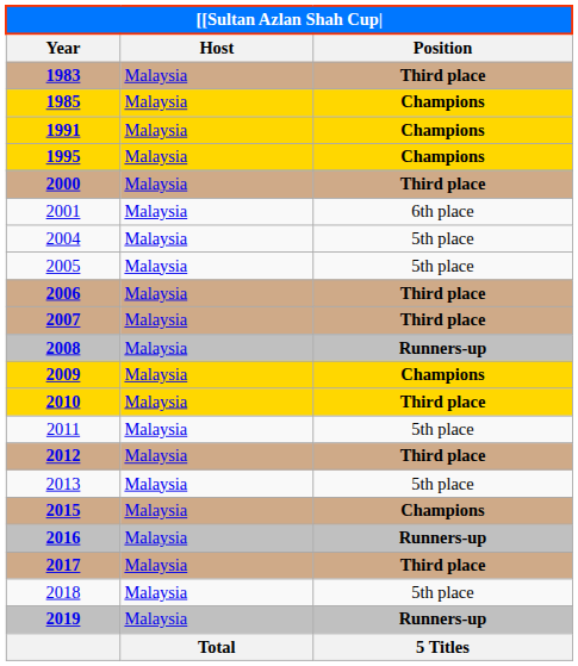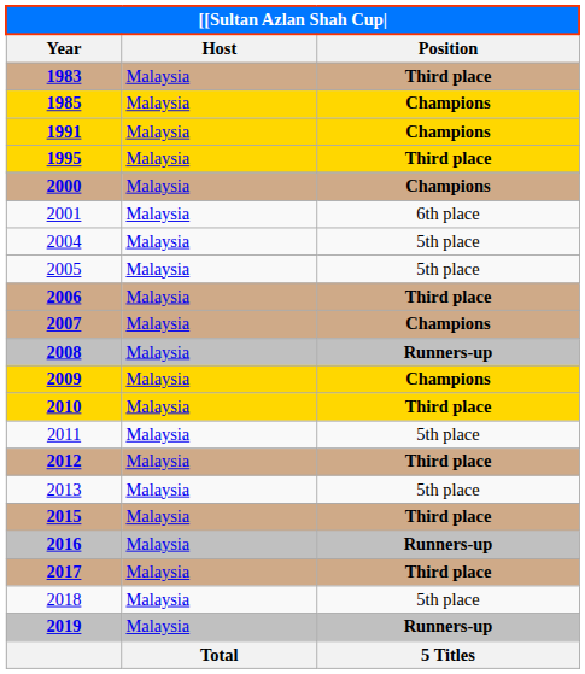 <table class="wikitable" style="text-align: center; width:85%">
 <tr>
 <th colspan=10 style="background: #0077FF;border: 2px solid #ff3300;color: #FFFFFF;">[[Sultan Azlan Shah Cup|</th>
 </tr>
 <tr>
 <th>Year</th>
 <th>Host</th>
 <th>Position</th>
 </tr>
 <tr bgcolor=#CFAA88>
 <td><strong><a href='#'>1983</a></strong></td>
 <td align=left> <a href='#'>Malaysia</a></td>
 <td><strong>Third place</strong></td>
 </tr>
 <tr bgcolor=Gold>
 <td><strong><a href='#'>1985</a></strong></td>
 <td align=left> <a href='#'>Malaysia</a></td>
 <td><strong>Champions</strong></td>
 </tr>
 <tr bgcolor=Gold>
 <td><strong><a href='#'>1991</a></strong></td>
 <td align=left> <a href='#'>Malaysia</a></td>
 <td><strong>Champions</strong></td>
 </tr>
 <tr bgcolor=Gold>
 <td><strong><a href='#'>1995</a></strong></td>
 <td align=left> <a href='#'>Malaysia</a></td>
-<td><strong>Champions</strong></td>
+<td><strong>Third place</strong></td>
 </tr>
 <tr>
 </tr>
 <tr bgcolor=#CFAA88>
 <td><strong><a href='#'>2000</a></strong></td>
 <td align=left> <a href='#'>Malaysia</a></td>
-<td><strong>Third place</strong></td>
+<td><strong>Champions</strong></td>
 </tr>
 <tr>
 <td><a href='#'>2001</a></td>
 <td align=left> <a href='#'>Malaysia</a></td>
 <td>6th place</td>
 </tr>
 <tr>
 <td><a href='#'>2004</a></td>
 <td align=left> <a href='#'>Malaysia</a></td>
 <td>5th place</td>
 </tr>
 <tr>
 <td><a href='#'>2005</a></td>
 <td align=left> <a href='#'>Malaysia</a></td>
 <td>5th place</td>
 </tr>
 <tr bgcolor=#CFAA88>
 <td><strong><a href='#'>2006</a></strong></td>
 <td align=left> <a href='#'>Malaysia</a></td>
 <td><strong>Third place</strong></td>
 </tr>
 <tr bgcolor=#CFAA88>
 <td><strong><a href='#'>2007</a></strong></td>
 <td align=left> <a href='#'>Malaysia</a></td>
-<td><strong>Third place</strong></td>
+<td><strong>Champions</strong></td>
 </tr>
 <tr bgcolor=Silver>
 <td><strong><a href='#'>2008</a></strong></td>
 <td align=left> <a href='#'>Malaysia</a></td>
 <td><strong>Runners-up</strong></td>
 </tr>
 <tr bgcolor=Gold>
 <td><strong><a href='#'>2009</a></strong></td>
 <td align=left> <a href='#'>Malaysia</a></td>
 <td><strong>Champions</strong></td>
 </tr>
 <tr bgcolor=Gold>
 <td><strong><a href='#'>2010</a></strong></td>
 <td align=left> <a href='#'>Malaysia</a></td>
 <td><strong>Third place</strong></td>
 </tr>
 <tr>
 <td><a href='#'>2011</a></td>
 <td align=left> <a href='#'>Malaysia</a></td>
 <td>5th place</td>
 </tr>
 <tr bgcolor=#CFAA88>
 <td><strong><a href='#'>2012</a></strong></td>
 <td align=left> <a href='#'>Malaysia</a></td>
 <td><strong>Third place</strong></td>
 </tr>
 <tr>
 <td><a href='#'>2013</a></td>
 <td align=left> <a href='#'>Malaysia</a></td>
 <td>5th place</td>
 </tr>
 <tr bgcolor=#CFAA88>
 <td><strong><a href='#'>2015</a></strong></td>
 <td align=left> <a href='#'>Malaysia</a></td>
-<td><strong>Champions</strong></td>
+<td><strong>Third place</strong></td>
 </tr>
 <tr bgcolor=Silver>
 <td><strong><a href='#'>2016</a></strong></td>
 <td align=left> <a href='#'>Malaysia</a></td>
 <td><strong>Runners-up</strong></td>
 </tr>
 <tr bgcolor=#CFAA88>
 <td><strong><a href='#'>2017</a></strong></td>
 <td align=left> <a href='#'>Malaysia</a></td>
 <td><strong>Third place</strong></td>
 </tr>
 <tr>
 <td><a href='#'>2018</a></td>
 <td align=left> <a href='#'>Malaysia</a></td>
 <td>5th place</td>
 </tr>
 <tr bgcolor=Silver>
 <td><strong><a href='#'>2019</a></strong></td>
 <td align=left> <a href='#'>Malaysia</a></td>
 <td><strong>Runners-up</strong></td>
 </tr>
 <tr>
 <th></th>
 <th>Total</th>
 <th>5 Titles</th>
 </tr>
 </table>
